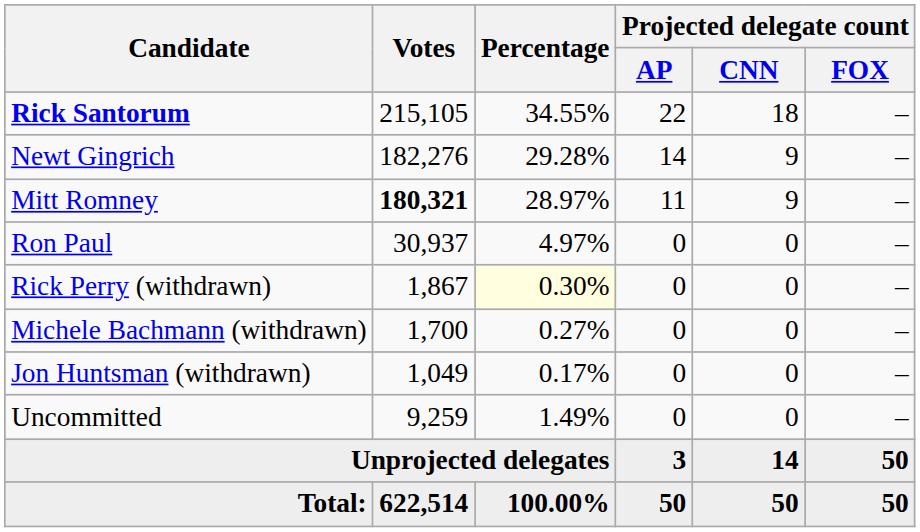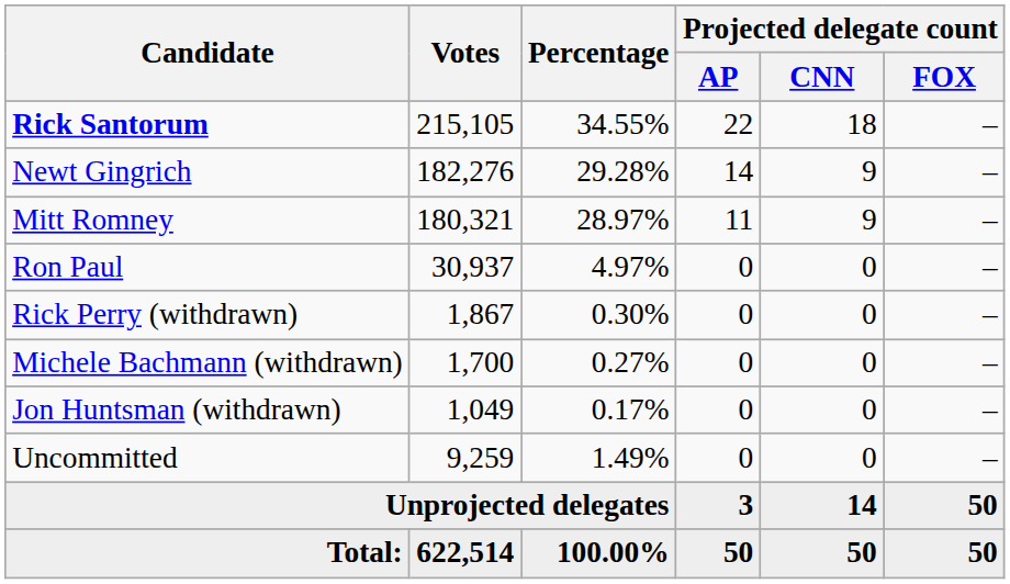 <table class="wikitable" style="text-align:right;">
 <tr>
 <th rowspan="2">Candidate</th>
 <th rowspan="2">Votes</th>
 <th rowspan="2">Percentage</th>
 <th colspan="3">Projected delegate count</th>
 </tr>
 <tr>
 <th><a href='#'>AP</a><br></th>
 <th><a href='#'>CNN</a><br></th>
 <th><a href='#'>FOX</a></th>
 </tr>
 <tr>
 <td align="left"><strong><a href='#'>Rick Santorum</a></strong></td>
 <td>215,105</td>
 <td>34.55%</td>
 <td>22</td>
 <td>18</td>
 <td>–</td>
 </tr>
 <tr>
 <td align="left"><a href='#'>Newt Gingrich</a></td>
 <td>182,276</td>
 <td>29.28%</td>
 <td>14</td>
 <td>9</td>
 <td>–</td>
 </tr>
 <tr>
 <td align="left"><a href='#'>Mitt Romney</a></td>
-<td><strong>180,321</strong></td>
+<td>180,321</td>
 <td>28.97%</td>
 <td>11</td>
 <td>9</td>
 <td>–</td>
 </tr>
 <tr>
 <td align="left"><a href='#'>Ron Paul</a></td>
 <td>30,937</td>
 <td>4.97%</td>
 <td>0</td>
 <td>0</td>
 <td>–</td>
 </tr>
 <tr>
 <td align="left"><a href='#'>Rick Perry</a> (withdrawn)</td>
 <td>1,867</td>
-<td style="background: lightyellow;">0.30%</td>
+<td>0.30%</td>
 <td>0</td>
 <td>0</td>
 <td>–</td>
 </tr>
 <tr>
 <td align="left"><a href='#'>Michele Bachmann</a> (withdrawn)</td>
 <td>1,700</td>
 <td>0.27%</td>
 <td>0</td>
 <td>0</td>
 <td>–</td>
 </tr>
 <tr>
 <td align="left"><a href='#'>Jon Huntsman</a> (withdrawn)</td>
 <td>1,049</td>
 <td>0.17%</td>
 <td>0</td>
 <td>0</td>
 <td>–</td>
 </tr>
 <tr>
 <td align="left">Uncommitted</td>
 <td>9,259</td>
 <td>1.49%</td>
 <td>0</td>
 <td>0</td>
 <td>–</td>
 </tr>
 <tr bgcolor="#eeeeee">
 <td colspan="3"><strong>Unprojected delegates</strong></td>
 <td><strong>3</strong></td>
 <td><strong>14</strong></td>
 <td><strong>50</strong></td>
 </tr>
 <tr bgcolor="#eeeeee">
 <td><strong>Total:</strong></td>
 <td><strong>622,514</strong></td>
 <td><strong>100.00%</strong></td>
 <td><strong>50</strong></td>
 <td><strong>50</strong></td>
 <td><strong>50</strong></td>
 </tr>
 </table>
